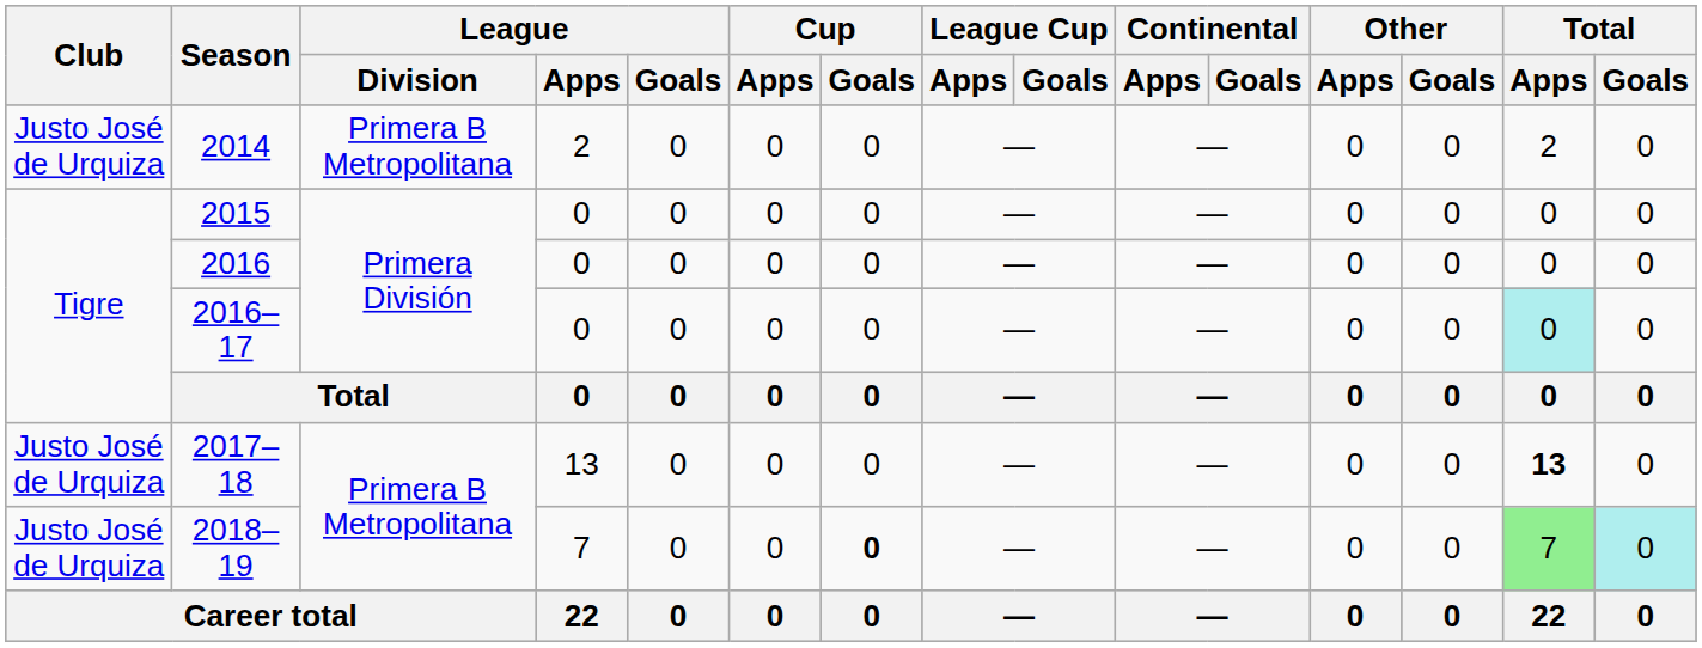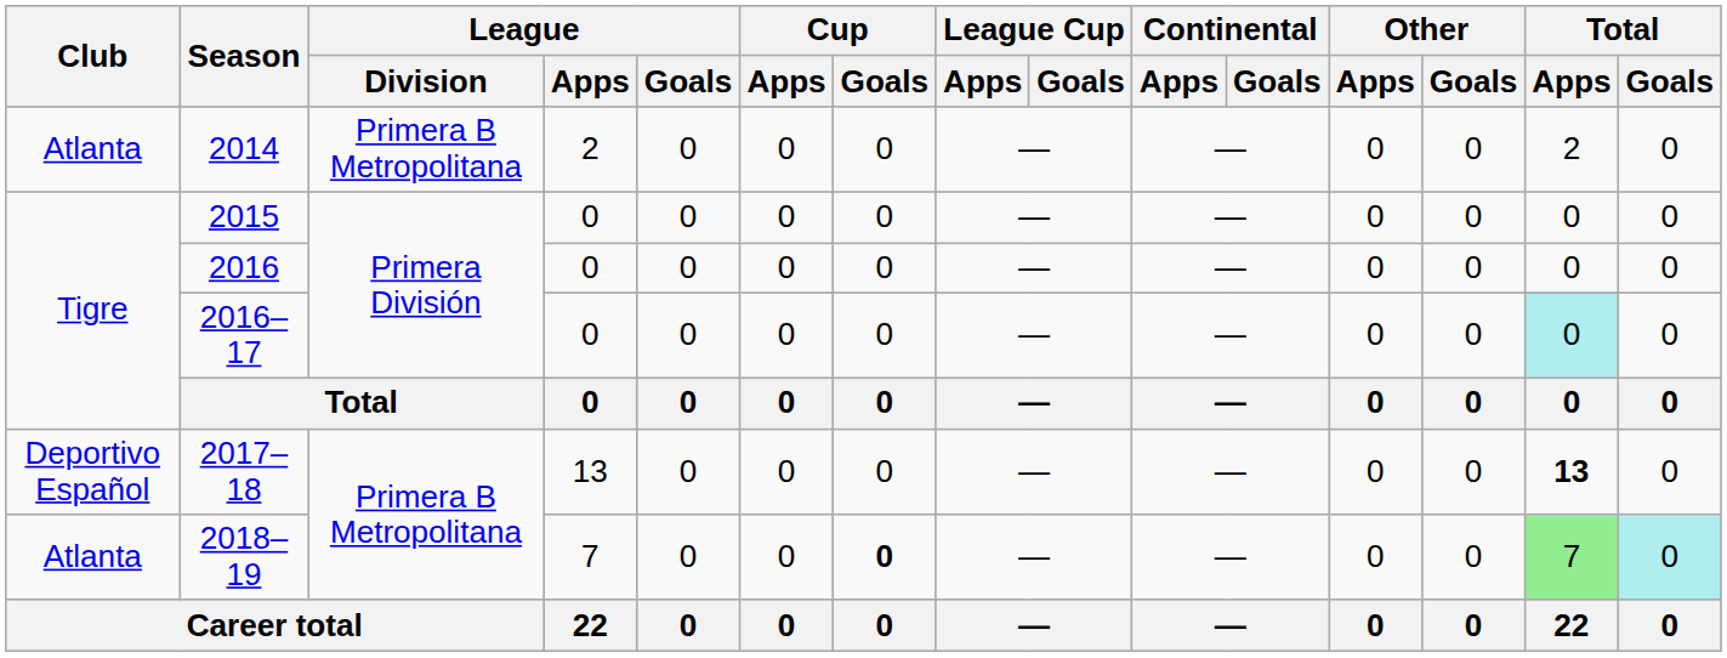 <table class="wikitable" style="text-align:center">
 <tr>
 <th rowspan="2">Club</th>
 <th rowspan="2">Season</th>
 <th colspan="3">League</th>
 <th colspan="2">Cup</th>
 <th colspan="2">League Cup</th>
 <th colspan="2">Continental</th>
 <th colspan="2">Other</th>
 <th colspan="2">Total</th>
 </tr>
 <tr>
 <th>Division</th>
 <th>Apps</th>
 <th>Goals</th>
 <th>Apps</th>
 <th>Goals</th>
 <th>Apps</th>
 <th>Goals</th>
 <th>Apps</th>
 <th>Goals</th>
 <th>Apps</th>
 <th>Goals</th>
 <th>Apps</th>
 <th>Goals</th>
 </tr>
 <tr>
-<td rowspan="1"><a href='#'>Justo José de Urquiza</a></td>
+<td rowspan="1"><a href='#'>Atlanta</a></td>
 <td><a href='#'>2014</a></td>
 <td rowspan="1"><a href='#'>Primera B Metropolitana</a></td>
 <td>2</td>
 <td>0</td>
 <td>0</td>
 <td>0</td>
 <td colspan="2">—</td>
 <td colspan="2">—</td>
 <td>0</td>
 <td>0</td>
 <td>2</td>
 <td>0</td>
 </tr>
 <tr>
 <td rowspan="4"><a href='#'>Tigre</a></td>
 <td><a href='#'>2015</a></td>
 <td rowspan="3"><a href='#'>Primera División</a></td>
 <td>0</td>
 <td>0</td>
 <td>0</td>
 <td>0</td>
 <td colspan="2">—</td>
 <td colspan="2">—</td>
 <td>0</td>
 <td>0</td>
 <td>0</td>
 <td>0</td>
 </tr>
 <tr>
 <td><a href='#'>2016</a></td>
 <td>0</td>
 <td>0</td>
 <td>0</td>
 <td>0</td>
 <td colspan="2">—</td>
 <td colspan="2">—</td>
 <td>0</td>
 <td>0</td>
 <td>0</td>
 <td>0</td>
 </tr>
 <tr>
 <td><a href='#'>2016–17</a></td>
 <td>0</td>
 <td>0</td>
 <td>0</td>
 <td>0</td>
 <td colspan="2">—</td>
 <td colspan="2">—</td>
 <td>0</td>
 <td>0</td>
 <td style="background: paleturquoise;">0</td>
 <td>0</td>
 </tr>
 <tr>
 <th colspan="2">Total</th>
 <th>0</th>
 <th>0</th>
 <th>0</th>
 <th>0</th>
 <th colspan="2">—</th>
 <th colspan="2">—</th>
 <th>0</th>
 <th>0</th>
 <th>0</th>
 <th>0</th>
 </tr>
 <tr>
-<td rowspan="1"><a href='#'>Justo José de Urquiza</a></td>
+<td rowspan="1"><a href='#'>Deportivo Español</a></td>
 <td><a href='#'>2017–18</a></td>
 <td rowspan="2"><a href='#'>Primera B Metropolitana</a></td>
 <td>13</td>
 <td>0</td>
 <td>0</td>
 <td>0</td>
 <td colspan="2">—</td>
 <td colspan="2">—</td>
 <td>0</td>
 <td>0</td>
 <td><strong>13</strong></td>
 <td>0</td>
 </tr>
 <tr>
-<td rowspan="1"><a href='#'>Justo José de Urquiza</a></td>
+<td rowspan="1"><a href='#'>Atlanta</a></td>
 <td><a href='#'>2018–19</a></td>
 <td>7</td>
 <td>0</td>
 <td>0</td>
 <td><strong>0</strong></td>
 <td colspan="2">—</td>
 <td colspan="2">—</td>
 <td>0</td>
 <td>0</td>
 <td style="background: lightgreen;">7</td>
 <td style="background: paleturquoise;">0</td>
 </tr>
 <tr>
 <th colspan="3">Career total</th>
 <th>22</th>
 <th>0</th>
 <th>0</th>
 <th>0</th>
 <th colspan="2">—</th>
 <th colspan="2">—</th>
 <th>0</th>
 <th>0</th>
 <th>22</th>
 <th>0</th>
 </tr>
 </table>
